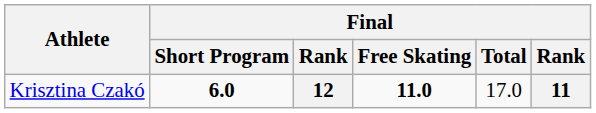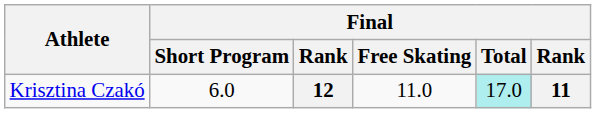 <table class="wikitable" style="font-size:90%">
 <tr>
 <th rowspan="2">Athlete</th>
 <th colspan="9">Final</th>
 </tr>
 <tr>
 <th>Short Program</th>
 <th>Rank</th>
 <th>Free Skating</th>
 <th>Total</th>
 <th>Rank</th>
 </tr>
 <tr>
 <td><a href='#'>Krisztina Czakó</a></td>
-<td align="center"><strong>6.0</strong></td>
+<td align="center">6.0</td>
 <th align="center">12</th>
-<td align="center"><strong>11.0</strong></td>
-<td align="center">17.0</td>
+<td align="center">11.0</td>
+<td align="center" style="background: paleturquoise;">17.0</td>
 <th align="center">11</th>
 </tr>
 </table>
